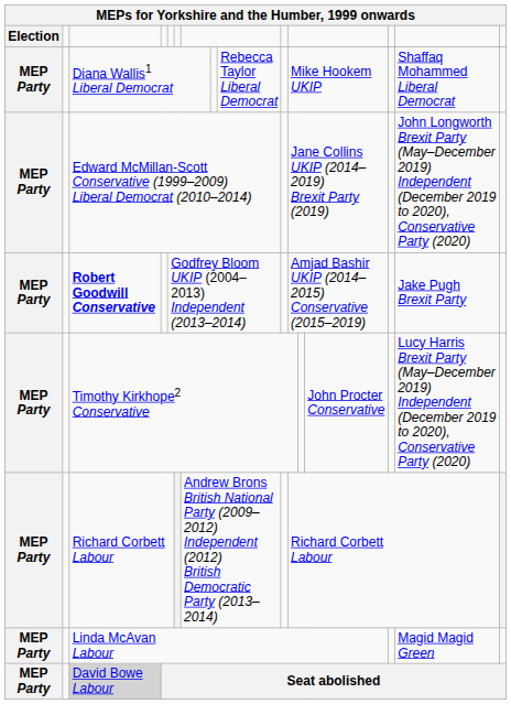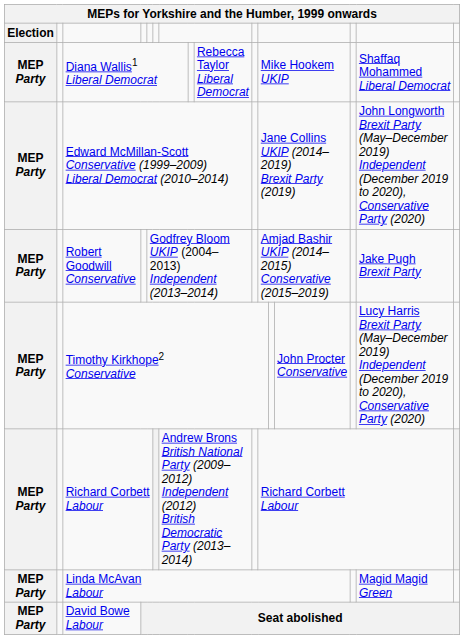 <table class="wikitable">
 <tr>
 <th colspan = 17>MEPs for Yorkshire and the Humber, 1999 onwards</th>
 </tr>
 <tr>
 <th>Election</th>
 <td style="width:1px;"></td>
 <td></td>
 <td style="width:1px;"></td>
 <td></td>
 <td style="width:1px;"></td>
 <td colspan = 3></td>
 <td style="width:1px;"></td>
 <td colspan = 4></td>
 <td style="width:1px;"></td>
 <td></td>
 <td style="width:1px;"></td>
 </tr>
 <tr>
 <th>MEP<br><em>Party</em></th>
 <td width=1px style="background-color: "></td>
 <td colspan = 5><a href='#'>Diana Wallis</a><sup>1</sup><br><em><a href='#'>Liberal Democrat</a></em></td>
 <td width=1px style="background-color: "></td>
 <td width=9px><a href='#'>Rebecca Taylor</a><br><em><a href='#'>Liberal Democrat</a></em></td>
 <td width=1px style="background-color: "></td>
 <td colspan = 4><a href='#'>Mike Hookem</a><br><em><a href='#'>UKIP</a></em></td>
 <td width=1px style="background-color: "></td>
 <td><a href='#'>Shaffaq Mohammed</a><br><em><a href='#'>Liberal Democrat</a></em></td>
 <td width=1px style="background-color: "></td>
 </tr>
 <tr>
 <th>MEP<br><em>Party</em></th>
 <td width=1px style="background-color: "></td>
 <td colspan = 7><a href='#'>Edward McMillan-Scott</a><br><em><a href='#'>Conservative</a> (1999–2009)<br><a href='#'>Liberal Democrat</a> (2010–2014)</em></td>
 <td width=1px style="background-color: "></td>
 <td colspan = 4><a href='#'>Jane Collins</a><br> <em><a href='#'>UKIP</a> (2014–2019) <br><a href='#'>Brexit Party</a> (2019)</em></td>
 <td width=1px style="background-color: "></td>
 <td><a href='#'>John Longworth</a><br><em><a href='#'>Brexit Party</a> (May–December 2019)<br><a href='#'>Independent</a> (December 2019 to 2020),<br> <a href='#'>Conservative Party</a> (2020)</em></td>
 <td width=1px style="background-color: "></td>
 </tr>
 <tr>
 <th>MEP<br><em>Party</em></th>
 <td width=1px style="background-color: "></td>
-<td><strong><a href='#'>Robert Goodwill</a><br><em><a href='#'>Conservative</a></em></strong></td>
+<td><a href='#'>Robert Goodwill</a><br><em><a href='#'>Conservative</a></em></td>
 <td width=1px style="background-color: "></td>
 <td colspan = 5><a href='#'>Godfrey Bloom</a><br><em><a href='#'>UKIP</a></em> (2004–2013)<br> <em><a href='#'>Independent</a> (2013–2014)</em></td>
 <td width=1px style="background-color: "></td>
 <td colspan = 4><a href='#'>Amjad Bashir</a> <br><em><a href='#'>UKIP</a> (2014–2015)<br><a href='#'>Conservative</a> (2015–2019)</em></td>
 <td width=1px style="background-color: "></td>
 <td><a href='#'>Jake Pugh</a><br><em><a href='#'>Brexit Party</a></em></td>
 <td width=1px style="background-color: "></td>
 </tr>
 <tr>
 <th>MEP<br><em>Party</em></th>
 <td width=1px style="background-color: "></td>
 <td colspan = 10><a href='#'>Timothy Kirkhope</a><sup>2</sup><br><em><a href='#'>Conservative</a></em></td>
 <td width=1px style="background-color: "></td>
 <td width=9px><a href='#'>John Procter</a><br><em><a href='#'>Conservative</a></em></td>
 <td width=1px style="background-color: "></td>
 <td><a href='#'>Lucy Harris</a><br><em><a href='#'>Brexit Party</a> (May–December 2019)<br><a href='#'>Independent</a> (December 2019 to 2020),<br> <a href='#'>Conservative Party</a> (2020)</em></td>
 <td width=1px style="background-color: "></td>
 </tr>
 <tr>
 <th>MEP<br><em>Party</em></th>
 <td width=1px style="background-color: "></td>
 <td colspan = 3><a href='#'>Richard Corbett</a><br><em><a href='#'>Labour</a></em></td>
 <th style="background-color: "></th>
 <td colspan = 3><a href='#'>Andrew Brons</a><br><em><a href='#'>British National Party</a> (2009–2012)<br><a href='#'>Independent</a> (2012)<br><a href='#'>British Democratic Party</a> (2013–2014)</em> </td>
 <td width=1px style="background-color: "></td>
 <td colspan = 6><a href='#'>Richard Corbett</a><br><em><a href='#'>Labour</a></em></td>
 <th style="background-color: "></th>
 </tr>
 <tr>
 <th>MEP<br><em>Party</em></th>
 <td width=1px style="background-color: "></td>
 <td colspan = 12><a href='#'>Linda McAvan</a><br><em><a href='#'>Labour</a></em></td>
 <td width=1px style="background-color: "></td>
 <td><a href='#'>Magid Magid</a><br><em><a href='#'>Green</a></em></td>
 <td width=1px style="background-color: "></td>
 </tr>
 <tr>
 <th>MEP<br><em>Party</em></th>
 <td width=1px style="background-color: "></td>
-<td style="background: lightgrey;"><a href='#'>David Bowe</a><br><em><a href='#'>Labour</a></em></td>
+<td><a href='#'>David Bowe</a><br><em><a href='#'>Labour</a></em></td>
 <th colspan = 14>Seat abolished</th>
 </tr>
 </table>
